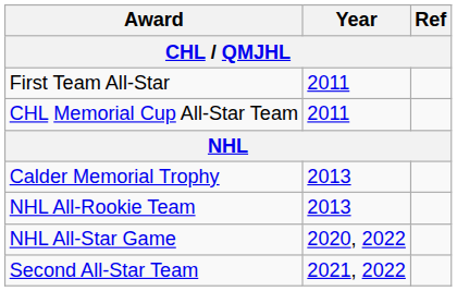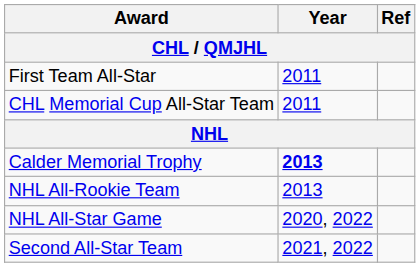 <table class="wikitable">
 <tr>
 <th>Award</th>
 <th>Year</th>
 <th>Ref</th>
 </tr>
 <tr>
 <th colspan="3"><a href='#'>CHL</a> / <a href='#'>QMJHL</a></th>
 </tr>
 <tr>
 <td>First Team All-Star</td>
 <td><a href='#'>2011</a></td>
 <td></td>
 </tr>
 <tr>
 <td><a href='#'>CHL</a> <a href='#'>Memorial Cup</a> All-Star Team</td>
 <td><a href='#'>2011</a></td>
 <td></td>
 </tr>
 <tr>
 <th colspan="3"><a href='#'>NHL</a></th>
 </tr>
 <tr>
 <td><a href='#'>Calder Memorial Trophy</a></td>
-<td><a href='#'>2013</a></td>
+<td><strong><a href='#'>2013</a></strong></td>
 <td></td>
 </tr>
 <tr>
 <td><a href='#'>NHL All-Rookie Team</a></td>
 <td><a href='#'>2013</a></td>
 <td></td>
 </tr>
 <tr>
 <td><a href='#'>NHL All-Star Game</a></td>
 <td><a href='#'>2020</a>, <a href='#'>2022</a></td>
 <td></td>
 </tr>
 <tr>
 <td><a href='#'>Second All-Star Team</a></td>
 <td><a href='#'>2021</a>, <a href='#'>2022</a></td>
 <td></td>
 </tr>
 </table>
